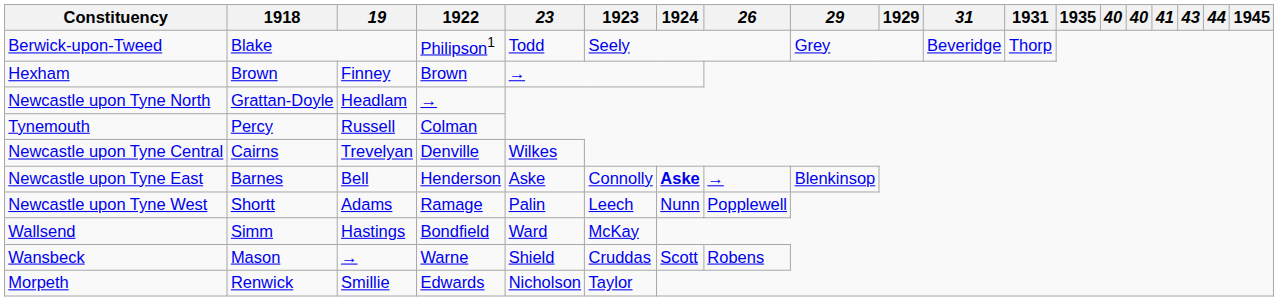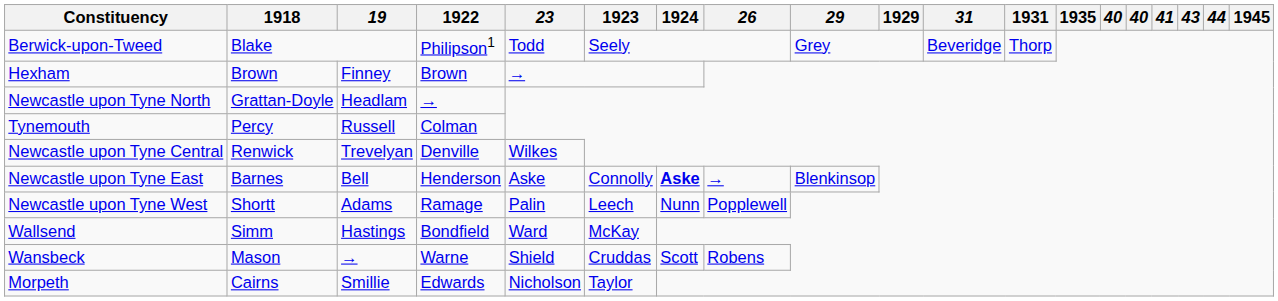 <table class="wikitable">
 <tr>
 <th>Constituency</th>
 <th>1918</th>
 <th><em>19</em></th>
 <th>1922</th>
 <th><em>23</em></th>
 <th>1923</th>
 <th>1924</th>
 <th><em>26</em></th>
 <th><em>29</em></th>
 <th>1929</th>
 <th><em>31</em></th>
 <th>1931</th>
 <th>1935</th>
 <th><em>40</em></th>
 <th><em>40</em></th>
 <th><em>41</em></th>
 <th><em>43</em></th>
 <th><em>44</em></th>
 <th>1945</th>
 </tr>
 <tr>
 <td><a href='#'>Berwick-upon-Tweed</a></td>
 <td colspan="2"><a href='#'>Blake</a></td>
 <td><a href='#'>Philipson</a><sup>1</sup></td>
 <td><a href='#'>Todd</a></td>
 <td colspan="3"><a href='#'>Seely</a></td>
 <td colspan="2"><a href='#'>Grey</a></td>
 <td><a href='#'>Beveridge</a></td>
 <td><a href='#'>Thorp</a></td>
 </tr>
 <tr>
 <td><a href='#'>Hexham</a></td>
 <td><a href='#'>Brown</a></td>
 <td><a href='#'>Finney</a></td>
 <td><a href='#'>Brown</a></td>
 <td colspan="3"><a href='#'>→</a></td>
 </tr>
 <tr>
 <td><a href='#'>Newcastle upon Tyne North</a></td>
 <td><a href='#'>Grattan-Doyle</a></td>
 <td><a href='#'>Headlam</a></td>
 <td><a href='#'>→</a></td>
 </tr>
 <tr>
 <td><a href='#'>Tynemouth</a></td>
 <td><a href='#'>Percy</a></td>
 <td><a href='#'>Russell</a></td>
 <td><a href='#'>Colman</a></td>
 </tr>
 <tr>
 <td><a href='#'>Newcastle upon Tyne Central</a></td>
-<td><a href='#'>Cairns</a></td>
+<td><a href='#'>Renwick</a></td>
 <td><a href='#'>Trevelyan</a></td>
 <td><a href='#'>Denville</a></td>
 <td><a href='#'>Wilkes</a></td>
 </tr>
 <tr>
 <td><a href='#'>Newcastle upon Tyne East</a></td>
 <td><a href='#'>Barnes</a></td>
 <td><a href='#'>Bell</a></td>
 <td><a href='#'>Henderson</a></td>
 <td><a href='#'>Aske</a></td>
 <td><a href='#'>Connolly</a></td>
 <td><strong><a href='#'>Aske</a></strong></td>
 <td><a href='#'>→</a></td>
 <td><a href='#'>Blenkinsop</a></td>
 </tr>
 <tr>
 <td><a href='#'>Newcastle upon Tyne West</a></td>
 <td><a href='#'>Shortt</a></td>
 <td><a href='#'>Adams</a></td>
 <td><a href='#'>Ramage</a></td>
 <td><a href='#'>Palin</a></td>
 <td><a href='#'>Leech</a></td>
 <td><a href='#'>Nunn</a></td>
 <td><a href='#'>Popplewell</a></td>
 </tr>
 <tr>
 <td><a href='#'>Wallsend</a></td>
 <td><a href='#'>Simm</a></td>
 <td><a href='#'>Hastings</a></td>
 <td><a href='#'>Bondfield</a></td>
 <td><a href='#'>Ward</a></td>
 <td><a href='#'>McKay</a></td>
 </tr>
 <tr>
 <td><a href='#'>Wansbeck</a></td>
 <td><a href='#'>Mason</a></td>
 <td><a href='#'>→</a></td>
 <td><a href='#'>Warne</a></td>
 <td><a href='#'>Shield</a></td>
 <td><a href='#'>Cruddas</a></td>
 <td><a href='#'>Scott</a></td>
 <td><a href='#'>Robens</a></td>
 </tr>
 <tr>
 <td><a href='#'>Morpeth</a></td>
-<td><a href='#'>Renwick</a></td>
+<td><a href='#'>Cairns</a></td>
 <td><a href='#'>Smillie</a></td>
 <td><a href='#'>Edwards</a></td>
 <td><a href='#'>Nicholson</a></td>
 <td><a href='#'>Taylor</a></td>
 </tr>
 </table>
